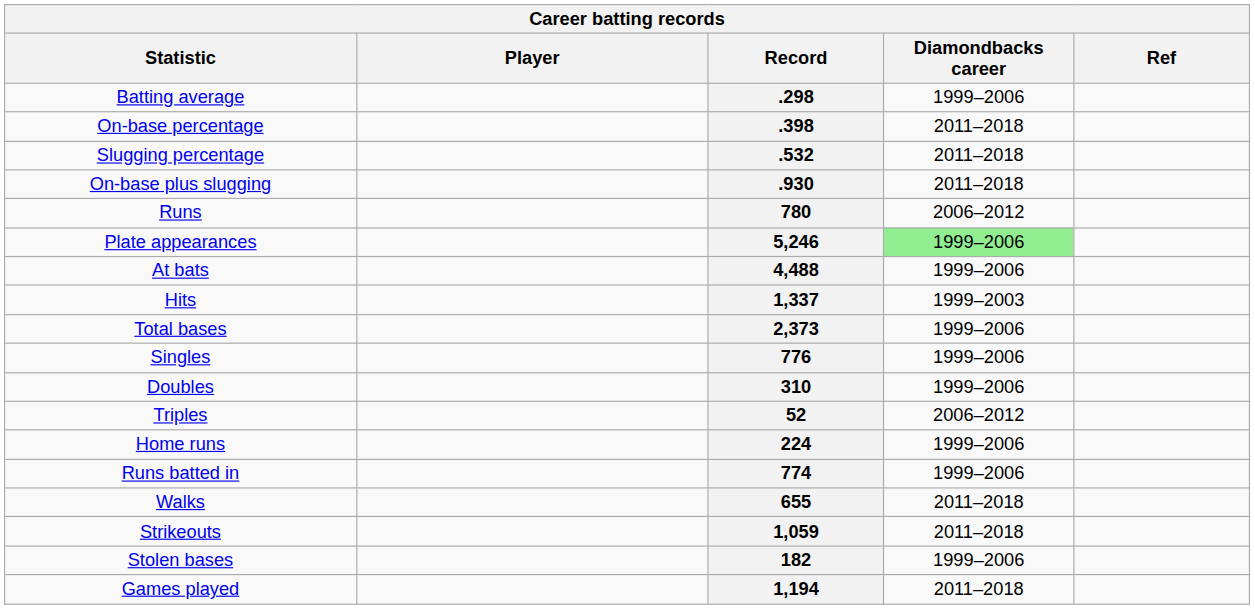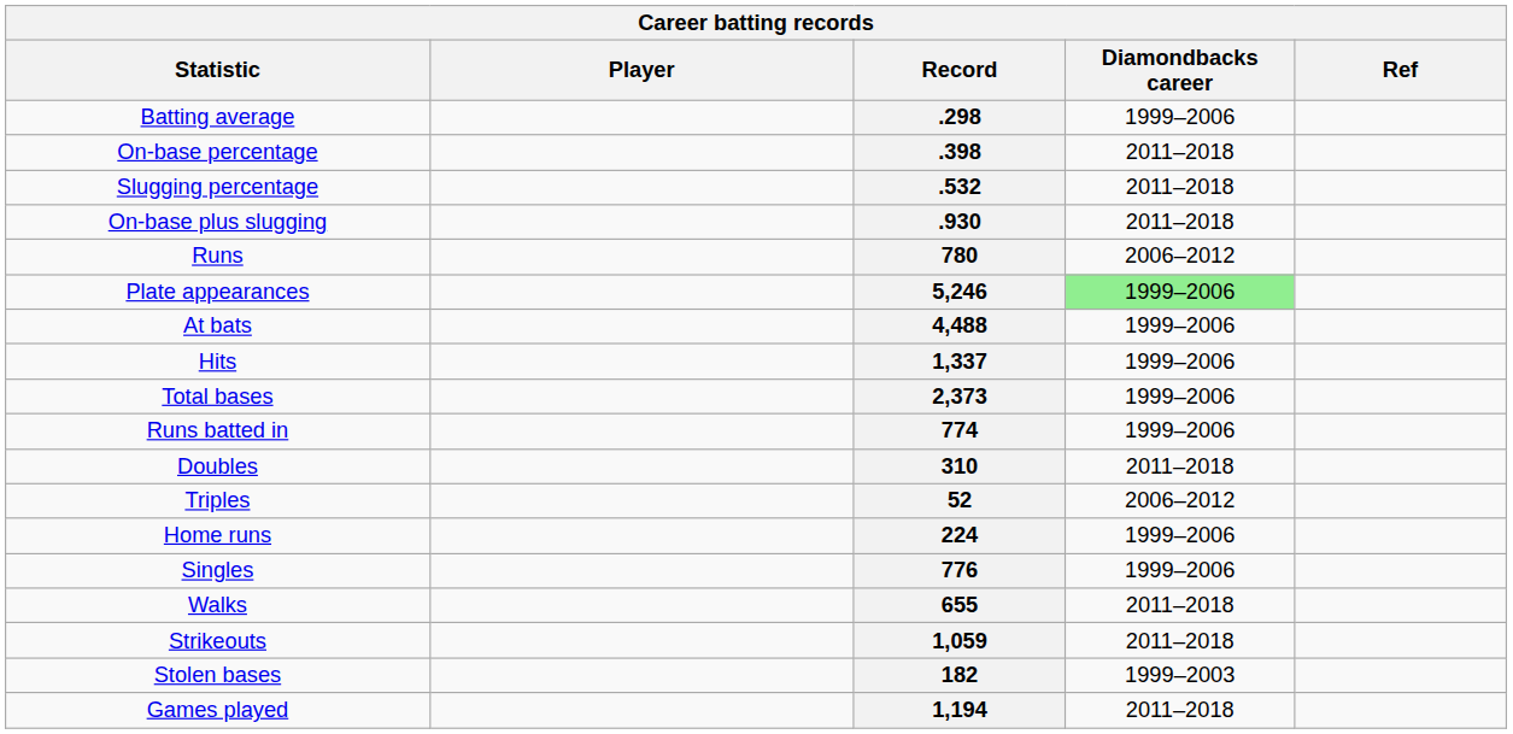 <table class="wikitable" style="text-align:center" width="69%">
 <tr>
 <th colspan=5>Career batting records</th>
 </tr>
 <tr>
 <th scope="col" width=20%>Statistic</th>
 <th scope="col" width=20%>Player</th>
 <th scope="col" width=10% class="unsortable">Record</th>
 <th scope="col" width=10%>Diamondbacks career</th>
 <th scope="col" width=10% class="unsortable">Ref</th>
 </tr>
 <tr>
 <td><a href='#'>Batting average</a></td>
 <td></td>
 <th scope="row">.298</th>
 <td>1999–2006</td>
 <td></td>
 </tr>
 <tr>
 <td><a href='#'>On-base percentage</a></td>
 <td></td>
 <th scope="row">.398</th>
 <td>2011–2018</td>
 <td></td>
 </tr>
 <tr>
 <td><a href='#'>Slugging percentage</a></td>
 <td></td>
 <th scope="row">.532</th>
 <td>2011–2018</td>
 <td></td>
 </tr>
 <tr>
 <td><a href='#'>On-base plus slugging</a></td>
 <td></td>
 <th scope="row">.930</th>
 <td>2011–2018</td>
 <td></td>
 </tr>
 <tr>
 <td><a href='#'>Runs</a></td>
 <td></td>
 <th scope="row">780</th>
 <td>2006–2012</td>
 <td></td>
 </tr>
 <tr>
 <td><a href='#'>Plate appearances</a></td>
 <td></td>
 <th scope="row">5,246</th>
 <td style="background: lightgreen;">1999–2006</td>
 <td></td>
 </tr>
 <tr>
 <td><a href='#'>At bats</a></td>
 <td></td>
 <th scope="row">4,488</th>
 <td>1999–2006</td>
 <td></td>
 </tr>
 <tr>
 <td><a href='#'>Hits</a></td>
 <td></td>
 <th scope="row">1,337</th>
-<td>1999–2003</td>
+<td>1999–2006</td>
 <td></td>
 </tr>
 <tr>
 <td><a href='#'>Total bases</a></td>
 <td></td>
 <th scope="row">2,373</th>
 <td>1999–2006</td>
 <td></td>
 </tr>
 <tr>
-<td><a href='#'>Singles</a></td>
+<td><a href='#'>Runs batted in</a></td>
 <td></td>
-<th scope="row">776</th>
+<th scope="row">774</th>
 <td>1999–2006</td>
 <td></td>
 </tr>
 <tr>
 <td><a href='#'>Doubles</a></td>
 <td></td>
 <th scope="row">310</th>
-<td>1999–2006</td>
+<td>2011–2018</td>
 <td></td>
 </tr>
 <tr>
 <td><a href='#'>Triples</a></td>
 <td></td>
 <th scope="row">52</th>
 <td>2006–2012</td>
 <td></td>
 </tr>
 <tr>
 <td><a href='#'>Home runs</a></td>
 <td></td>
 <th scope="row">224</th>
 <td>1999–2006</td>
 <td></td>
 </tr>
 <tr>
-<td><a href='#'>Runs batted in</a></td>
+<td><a href='#'>Singles</a></td>
 <td></td>
-<th scope="row">774</th>
+<th scope="row">776</th>
 <td>1999–2006</td>
 <td></td>
 </tr>
 <tr>
 <td><a href='#'>Walks</a></td>
 <td></td>
 <th scope="row">655</th>
 <td>2011–2018</td>
 <td></td>
 </tr>
 <tr>
 <td><a href='#'>Strikeouts</a></td>
 <td></td>
 <th scope="row">1,059</th>
 <td>2011–2018</td>
 <td></td>
 </tr>
 <tr>
 <td><a href='#'>Stolen bases</a></td>
 <td></td>
 <th scope="row">182</th>
-<td>1999–2006</td>
+<td>1999–2003</td>
 <td></td>
 </tr>
 <tr>
 <td><a href='#'>Games played</a></td>
 <td></td>
 <th scope="row">1,194</th>
 <td>2011–2018</td>
 <td></td>
 </tr>
 </table>
